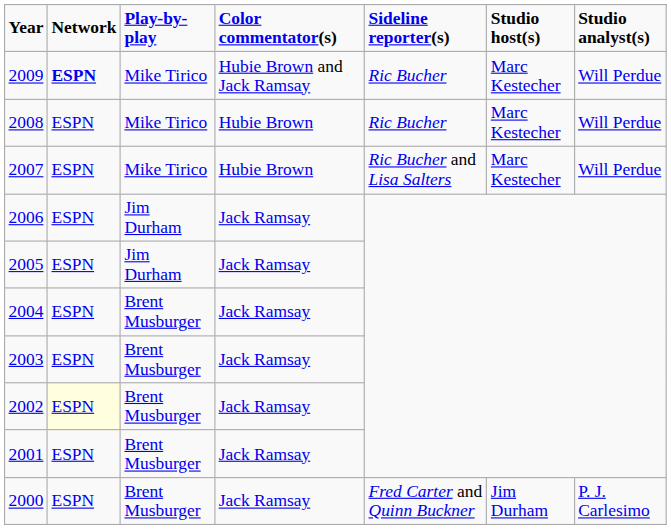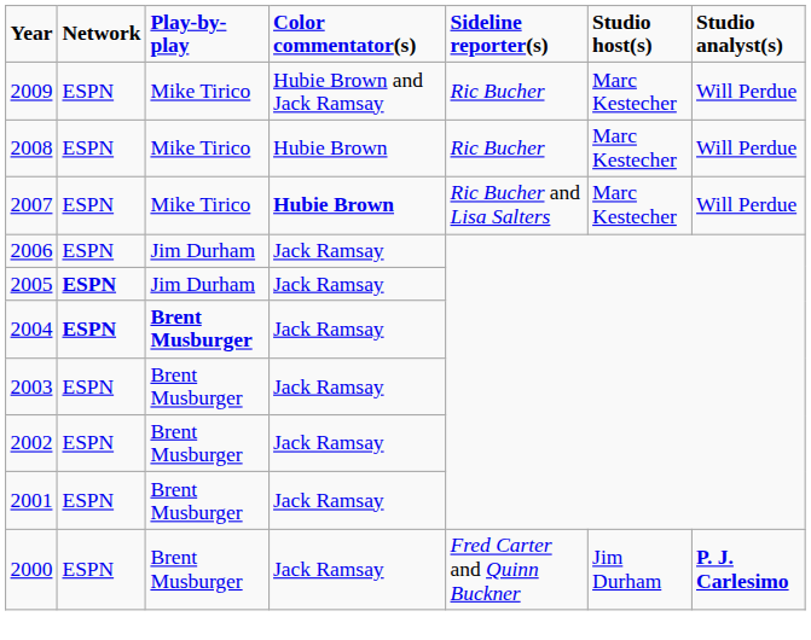 <table class="wikitable">
 <tr>
 <td><strong>Year</strong></td>
 <td><strong>Network</strong></td>
 <td><strong><a href='#'>Play-by-play</a></strong></td>
 <td><strong><a href='#'>Color commentator</a>(s)</strong></td>
 <td><strong><a href='#'>Sideline reporter</a>(s)</strong></td>
 <td><strong>Studio host(s)</strong></td>
 <td><strong>Studio analyst(s)</strong></td>
 </tr>
 <tr>
 <td><a href='#'>2009</a></td>
-<td><strong><a href='#'>ESPN</a></strong></td>
+<td><a href='#'>ESPN</a></td>
 <td><a href='#'>Mike Tirico</a></td>
 <td><a href='#'>Hubie Brown</a> and <a href='#'>Jack Ramsay</a></td>
 <td><em><a href='#'>Ric Bucher</a></em></td>
 <td><a href='#'>Marc Kestecher</a></td>
 <td><a href='#'>Will Perdue</a></td>
 </tr>
 <tr>
 <td><a href='#'>2008</a></td>
 <td><a href='#'>ESPN</a></td>
 <td><a href='#'>Mike Tirico</a></td>
 <td><a href='#'>Hubie Brown</a></td>
 <td><em><a href='#'>Ric Bucher</a></em></td>
 <td><a href='#'>Marc Kestecher</a></td>
 <td><a href='#'>Will Perdue</a></td>
 </tr>
 <tr>
 <td><a href='#'>2007</a></td>
 <td><a href='#'>ESPN</a></td>
 <td><a href='#'>Mike Tirico</a></td>
-<td><a href='#'>Hubie Brown</a></td>
+<td><strong><a href='#'>Hubie Brown</a></strong></td>
 <td><em><a href='#'>Ric Bucher</a></em> and <em><a href='#'>Lisa Salters</a></em></td>
 <td><a href='#'>Marc Kestecher</a></td>
 <td><a href='#'>Will Perdue</a></td>
 </tr>
 <tr>
 <td><a href='#'>2006</a></td>
 <td><a href='#'>ESPN</a></td>
 <td><a href='#'>Jim Durham</a></td>
 <td><a href='#'>Jack Ramsay</a></td>
 </tr>
 <tr>
 <td><a href='#'>2005</a></td>
-<td><a href='#'>ESPN</a></td>
+<td><strong><a href='#'>ESPN</a></strong></td>
 <td><a href='#'>Jim Durham</a></td>
 <td><a href='#'>Jack Ramsay</a></td>
 </tr>
 <tr>
 <td><a href='#'>2004</a></td>
-<td><a href='#'>ESPN</a></td>
-<td><a href='#'>Brent Musburger</a></td>
+<td><strong><a href='#'>ESPN</a></strong></td>
+<td><strong><a href='#'>Brent Musburger</a></strong></td>
 <td><a href='#'>Jack Ramsay</a></td>
 </tr>
 <tr>
 <td><a href='#'>2003</a></td>
 <td><a href='#'>ESPN</a></td>
 <td><a href='#'>Brent Musburger</a></td>
 <td><a href='#'>Jack Ramsay</a></td>
 </tr>
 <tr>
 <td><a href='#'>2002</a></td>
-<td style="background: lightyellow;"><a href='#'>ESPN</a></td>
+<td><a href='#'>ESPN</a></td>
 <td><a href='#'>Brent Musburger</a></td>
 <td><a href='#'>Jack Ramsay</a></td>
 </tr>
 <tr>
 <td><a href='#'>2001</a></td>
 <td><a href='#'>ESPN</a></td>
 <td><a href='#'>Brent Musburger</a></td>
 <td><a href='#'>Jack Ramsay</a></td>
 </tr>
 <tr>
 <td><a href='#'>2000</a></td>
 <td><a href='#'>ESPN</a></td>
 <td><a href='#'>Brent Musburger</a></td>
 <td><a href='#'>Jack Ramsay</a></td>
 <td><em><a href='#'>Fred Carter</a></em> and <em><a href='#'>Quinn Buckner</a></em></td>
 <td><a href='#'>Jim Durham</a></td>
-<td><a href='#'>P. J. Carlesimo</a></td>
+<td><strong><a href='#'>P. J. Carlesimo</a></strong></td>
 </tr>
 </table>
